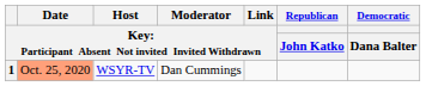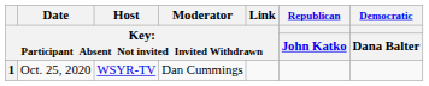 <table class="wikitable" style="text-align:center;">
 <tr>
 <th scope="col"></th>
 <th scope="col">Date</th>
 <th scope="col">Host</th>
 <th scope="col">Moderator</th>
 <th scope="col">Link</th>
 <th scope="col"><small><a href='#'>Republican</a></small></th>
 <th scope="col"><small><a href='#'>Democratic</a></small></th>
 </tr>
 <tr>
 <th colspan="5" rowspan="2">Key:<br> <small>Participant </small>  <small>Absent </small>  <small>Not invited </small>  <small>Invited  Withdrawn</small></th>
 <th scope="col" style="background:"></th>
 <th scope="col" style="background:"></th>
 </tr>
 <tr>
 <th scope="col"><a href='#'>John Katko</a></th>
 <th scope="col">Dana Balter</th>
 </tr>
 <tr>
 <th>1</th>
-<td style="background: lightsalmon; white-space:nowrap;">Oct. 25, 2020</td>
+<td style="white-space:nowrap;">Oct. 25, 2020</td>
 <td style="white-space:nowrap;"><a href='#'>WSYR-TV</a></td>
 <td style="white-space:nowrap;">Dan Cummings</td>
 <td style="white-space:nowrap;"></td>
 <td></td>
 <td></td>
 </tr>
 </table>
